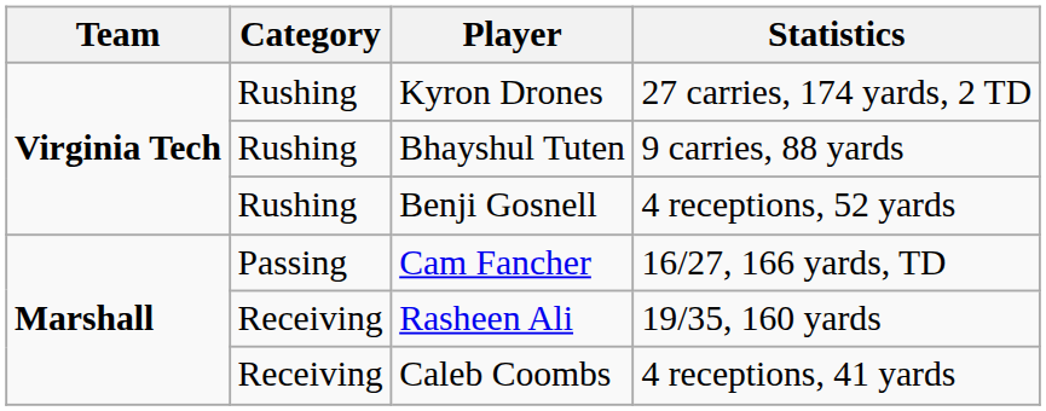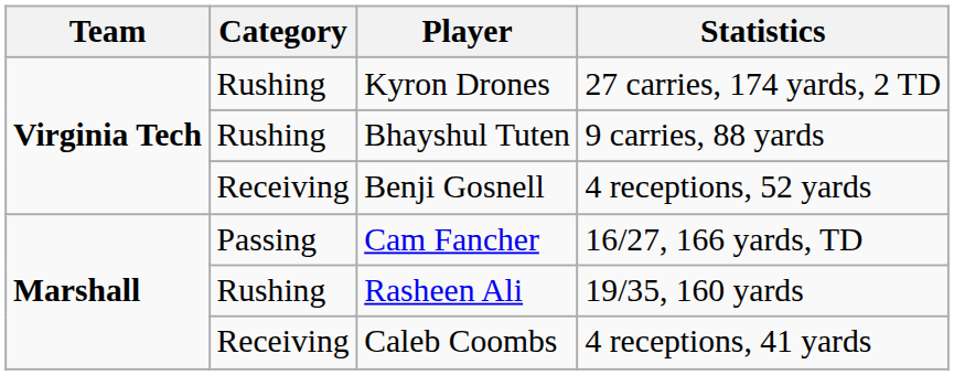 <table class="wikitable" style="float: right;">
 <tr>
 <th>Team</th>
 <th>Category</th>
 <th>Player</th>
 <th>Statistics</th>
 </tr>
 <tr>
 <td rowspan=3><strong>Virginia Tech</strong></td>
 <td>Rushing</td>
 <td>Kyron Drones</td>
 <td>27 carries, 174 yards, 2 TD</td>
 </tr>
 <tr>
 <td>Rushing</td>
 <td>Bhayshul Tuten</td>
 <td>9 carries, 88 yards</td>
 </tr>
 <tr>
-<td>Rushing</td>
+<td>Receiving</td>
 <td>Benji Gosnell</td>
 <td>4 receptions, 52 yards</td>
 </tr>
 <tr>
 <td rowspan=3><strong>Marshall</strong></td>
 <td>Passing</td>
 <td><a href='#'>Cam Fancher</a></td>
 <td>16/27, 166 yards, TD</td>
 </tr>
 <tr>
-<td>Receiving</td>
+<td>Rushing</td>
 <td><a href='#'>Rasheen Ali</a></td>
 <td>19/35, 160 yards</td>
 </tr>
 <tr>
 <td>Receiving</td>
 <td>Caleb Coombs</td>
 <td>4 receptions, 41 yards</td>
 </tr>
 </table>
